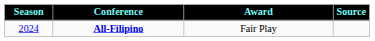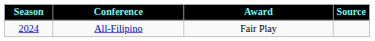 <table class="wikitable">
 <tr>
 <th width=70px style="background:black; color:#74FBF5; text-align: center">Season</th>
 <th width=200px style="background:black; color:#74FBF5">Conference</th>
 <th width=230px style="background:black; color:#74FBF5">Award</th>
 <th width=50px style="background:black; color:#74FBF5">Source</th>
 </tr>
 <tr align=center>
 <td><a href='#'>2024</a></td>
-<td><strong><a href='#'>All-Filipino</a></strong></td>
+<td><a href='#'>All-Filipino</a></td>
 <td>Fair Play</td>
 <td></td>
 </tr>
 </table>
